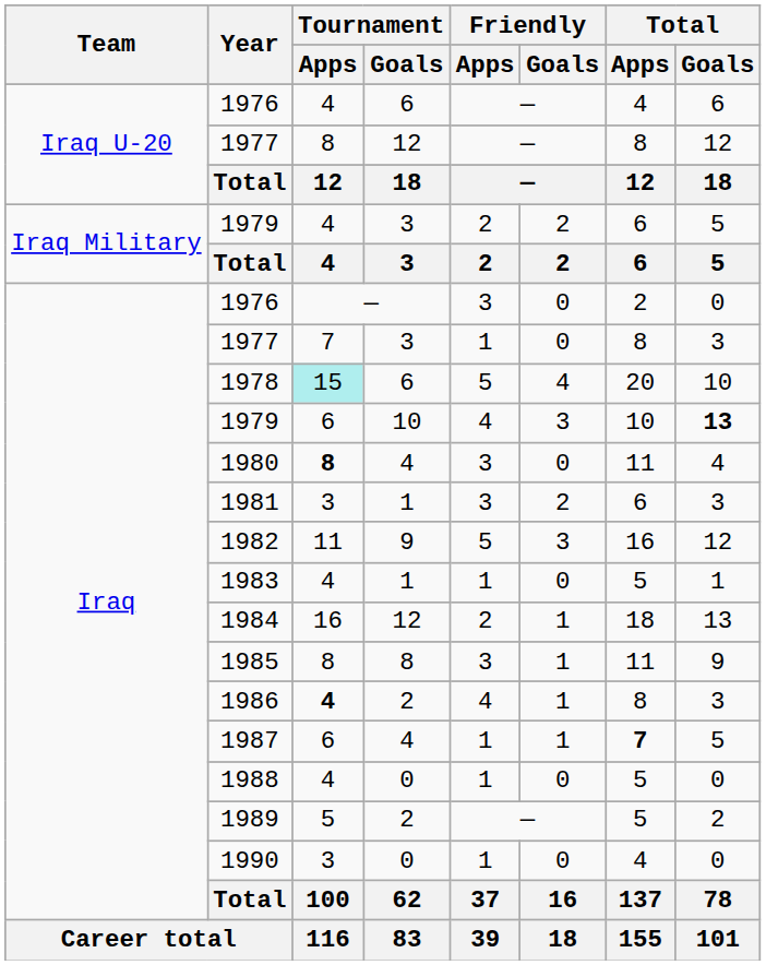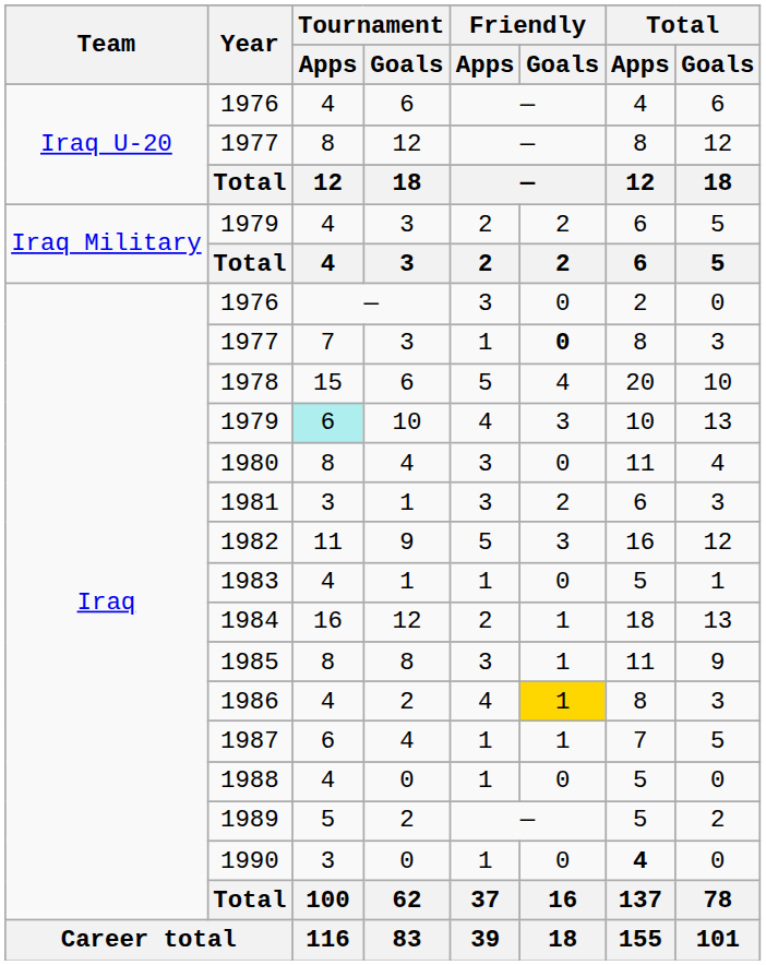 <table class="wikitable" style="text-align:center">
 <tr>
 <th rowspan="2">Team</th>
 <th rowspan="2">Year</th>
 <th colspan="2">Tournament</th>
 <th colspan="2">Friendly</th>
 <th colspan="2">Total</th>
 </tr>
 <tr>
 <th>Apps</th>
 <th>Goals</th>
 <th>Apps</th>
 <th>Goals</th>
 <th>Apps</th>
 <th>Goals</th>
 </tr>
 <tr>
 <td rowspan="3"><a href='#'>Iraq U-20</a></td>
 <td>1976</td>
 <td>4</td>
 <td>6</td>
 <td colspan="2">—</td>
 <td>4</td>
 <td>6</td>
 </tr>
 <tr>
 <td>1977</td>
 <td>8</td>
 <td>12</td>
 <td colspan="2">—</td>
 <td>8</td>
 <td>12</td>
 </tr>
 <tr>
 <th>Total</th>
 <th>12</th>
 <th>18</th>
 <th colspan="2">—</th>
 <th>12</th>
 <th>18</th>
 </tr>
 <tr>
 <td rowspan="2"><a href='#'>Iraq Military</a></td>
 <td>1979</td>
 <td>4</td>
 <td>3</td>
 <td>2</td>
 <td>2</td>
 <td>6</td>
 <td>5</td>
 </tr>
 <tr>
 <th>Total</th>
 <th>4</th>
 <th>3</th>
 <th>2</th>
 <th>2</th>
 <th>6</th>
 <th>5</th>
 </tr>
 <tr>
 <td rowspan="16"><a href='#'>Iraq</a></td>
 <td>1976</td>
 <td colspan="2">—</td>
 <td>3</td>
 <td>0</td>
 <td>2</td>
 <td>0</td>
 </tr>
 <tr>
 <td>1977</td>
 <td>7</td>
 <td>3</td>
 <td>1</td>
-<td>0</td>
+<td><strong>0</strong></td>
 <td>8</td>
 <td>3</td>
 </tr>
 <tr>
 <td>1978</td>
-<td style="background: paleturquoise;">15</td>
+<td>15</td>
 <td>6</td>
 <td>5</td>
 <td>4</td>
 <td>20</td>
 <td>10</td>
 </tr>
 <tr>
 <td>1979</td>
-<td>6</td>
+<td style="background: paleturquoise;">6</td>
 <td>10</td>
 <td>4</td>
 <td>3</td>
 <td>10</td>
-<td><strong>13</strong></td>
+<td>13</td>
 </tr>
 <tr>
 <td>1980</td>
-<td><strong>8</strong></td>
+<td>8</td>
 <td>4</td>
 <td>3</td>
 <td>0</td>
 <td>11</td>
 <td>4</td>
 </tr>
 <tr>
 <td>1981</td>
 <td>3</td>
 <td>1</td>
 <td>3</td>
 <td>2</td>
 <td>6</td>
 <td>3</td>
 </tr>
 <tr>
 <td>1982</td>
 <td>11</td>
 <td>9</td>
 <td>5</td>
 <td>3</td>
 <td>16</td>
 <td>12</td>
 </tr>
 <tr>
 <td>1983</td>
 <td>4</td>
 <td>1</td>
 <td>1</td>
 <td>0</td>
 <td>5</td>
 <td>1</td>
 </tr>
 <tr>
 <td>1984</td>
 <td>16</td>
 <td>12</td>
 <td>2</td>
 <td>1</td>
 <td>18</td>
 <td>13</td>
 </tr>
 <tr>
 <td>1985</td>
 <td>8</td>
 <td>8</td>
 <td>3</td>
 <td>1</td>
 <td>11</td>
 <td>9</td>
 </tr>
 <tr>
 <td>1986</td>
-<td><strong>4</strong></td>
+<td>4</td>
 <td>2</td>
 <td>4</td>
-<td>1</td>
+<td style="background: gold;">1</td>
 <td>8</td>
 <td>3</td>
 </tr>
 <tr>
 <td>1987</td>
 <td>6</td>
 <td>4</td>
 <td>1</td>
 <td>1</td>
-<td><strong>7</strong></td>
+<td>7</td>
 <td>5</td>
 </tr>
 <tr>
 <td>1988</td>
 <td>4</td>
 <td>0</td>
 <td>1</td>
 <td>0</td>
 <td>5</td>
 <td>0</td>
 </tr>
 <tr>
 <td>1989</td>
 <td>5</td>
 <td>2</td>
 <td colspan="2">—</td>
 <td>5</td>
 <td>2</td>
 </tr>
 <tr>
 <td>1990</td>
 <td>3</td>
 <td>0</td>
 <td>1</td>
 <td>0</td>
-<td>4</td>
+<td><strong>4</strong></td>
 <td>0</td>
 </tr>
 <tr>
 <th>Total</th>
 <th>100</th>
 <th>62</th>
 <th>37</th>
 <th>16</th>
 <th>137</th>
 <th>78</th>
 </tr>
 <tr>
 <th colspan="2">Career total</th>
 <th>116</th>
 <th>83</th>
 <th>39</th>
 <th>18</th>
 <th>155</th>
 <th>101</th>
 </tr>
 </table>
